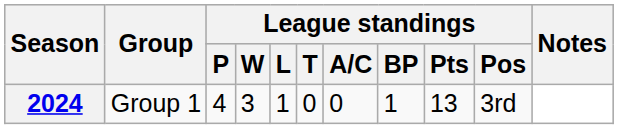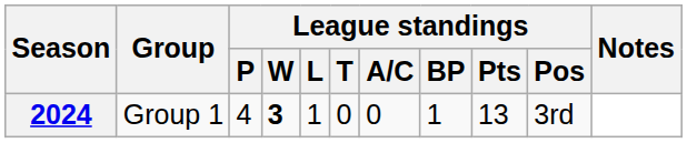 <table class="wikitable sortable">
 <tr>
 <th scope="col" rowspan="2">Season</th>
 <th scope="col" rowspan="2">Group</th>
 <th scope="col" colspan="8">League standings</th>
 <th scope="col" rowspan="2">Notes</th>
 </tr>
 <tr>
 <th scope="col">P</th>
 <th scope="col">W</th>
 <th scope="col">L</th>
 <th scope="col">T</th>
 <th scope="col">A/C</th>
 <th scope="col">BP</th>
 <th scope="col">Pts</th>
 <th scope="col">Pos</th>
 </tr>
 <tr>
 <th scope="row"><a href='#'>2024</a></th>
 <td>Group 1</td>
 <td>4</td>
-<td>3</td>
+<td><strong>3</strong></td>
 <td>1</td>
 <td>0</td>
 <td>0</td>
 <td>1</td>
 <td>13</td>
 <td>3rd</td>
 <td style="background: white;"></td>
 </tr>
 </table>
